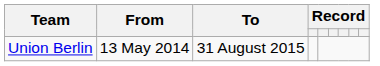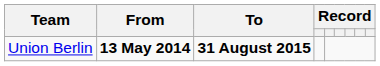 <table class="wikitable" style="text-align: center">
 <tr>
 <th rowspan="2">Team</th>
 <th rowspan="2">From</th>
 <th rowspan="2">To</th>
 <th colspan="6">Record</th>
 </tr>
 <tr>
 <th></th>
 <th></th>
 <th></th>
 <th></th>
 <th></th>
 <th></th>
 </tr>
 <tr>
 <td><a href='#'>Union Berlin</a></td>
-<td>13 May 2014</td>
-<td>31 August 2015<br></td>
+<td><strong>13 May 2014</strong></td>
+<td><strong>31 August 2015<br></strong></td>
 <td></td>
 </tr>
 </table>
